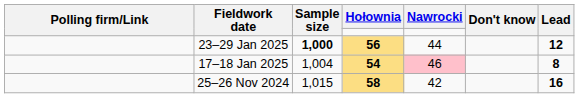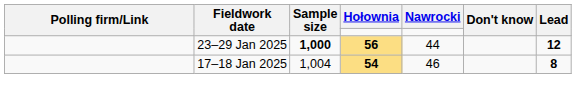 <table class="wikitable" style="text-align:center; font-size:85%; line-height:14px;">
 <tr>
 <th rowspan="2" style="width:200px;">Polling firm/Link</th>
 <th rowspan="2" data-sort-type="date">Fieldwork<br>date</th>
 <th rowspan="2" style="width:20px;">Sample<br>size</th>
 <th><a href='#'>Hołownia</a><br></th>
 <th><a href='#'>Nawrocki</a><br></th>
 <th rowspan="2">Don't know</th>
 <th rowspan="2">Lead</th>
 </tr>
 <tr>
 <td style="background:"></td>
 <td style="background:"></td>
 </tr>
 <tr>
 <td></td>
 <td data-sort-value="2025-01-29">23–29 Jan 2025</td>
 <td><strong>1,000</strong></td>
 <td style="background:#FCDE83;"><strong>56</strong></td>
 <td>44</td>
 <td></td>
 <td style="background:"><strong>12</strong></td>
 </tr>
 <tr>
 <td></td>
 <td data-sort-value="2025-01-18">17–18 Jan 2025</td>
 <td>1,004</td>
 <td style="background:#FCDE83;"><strong>54</strong></td>
-<td style="background: pink;">46</td>
+<td>46</td>
 <td></td>
 <td style="background:"><strong>8</strong></td>
 </tr>
-<tr>
-<td></td>
-<td data-sort-value="2024-11-26">25–26 Nov 2024</td>
-<td>1,015</td>
-<td style="background:#FCDE83;"><strong>58</strong></td>
-<td>42</td>
-<td></td>
-<td style="background:"><strong>16</strong></td>
-</tr>
 </table>
